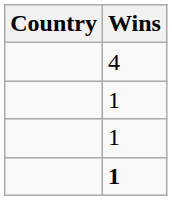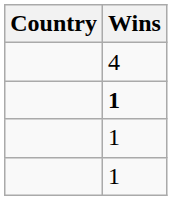 <table class="wikitable sortable" style="border-collapse:collapse">
 <tr>
 <th>Country</th>
 <th>Wins</th>
 </tr>
 <tr>
 <td></td>
 <td>4</td>
 </tr>
 <tr>
 <td></td>
-<td>1</td>
+<td><strong>1</strong></td>
 </tr>
 <tr>
 <td></td>
 <td>1</td>
 </tr>
 <tr>
 <td></td>
-<td><strong>1</strong></td>
+<td>1</td>
 </tr>
 </table>
